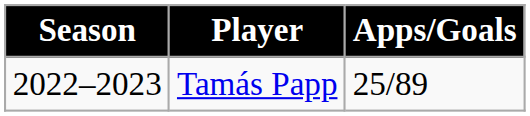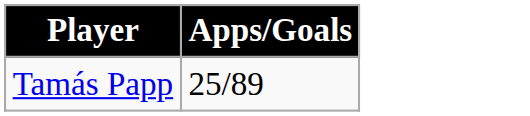 <table class="wikitable">
 <tr>
-<th style="color:white; background:black">Season</th>
 <th style="color:white; background:black">Player</th>
 <th style="color:white; background:black">Apps/Goals</th>
 </tr>
 <tr>
-<td>2022–2023</td>
 <td> <a href='#'>Tamás Papp</a></td>
 <td>25/89</td>
 </tr>
 </table>
